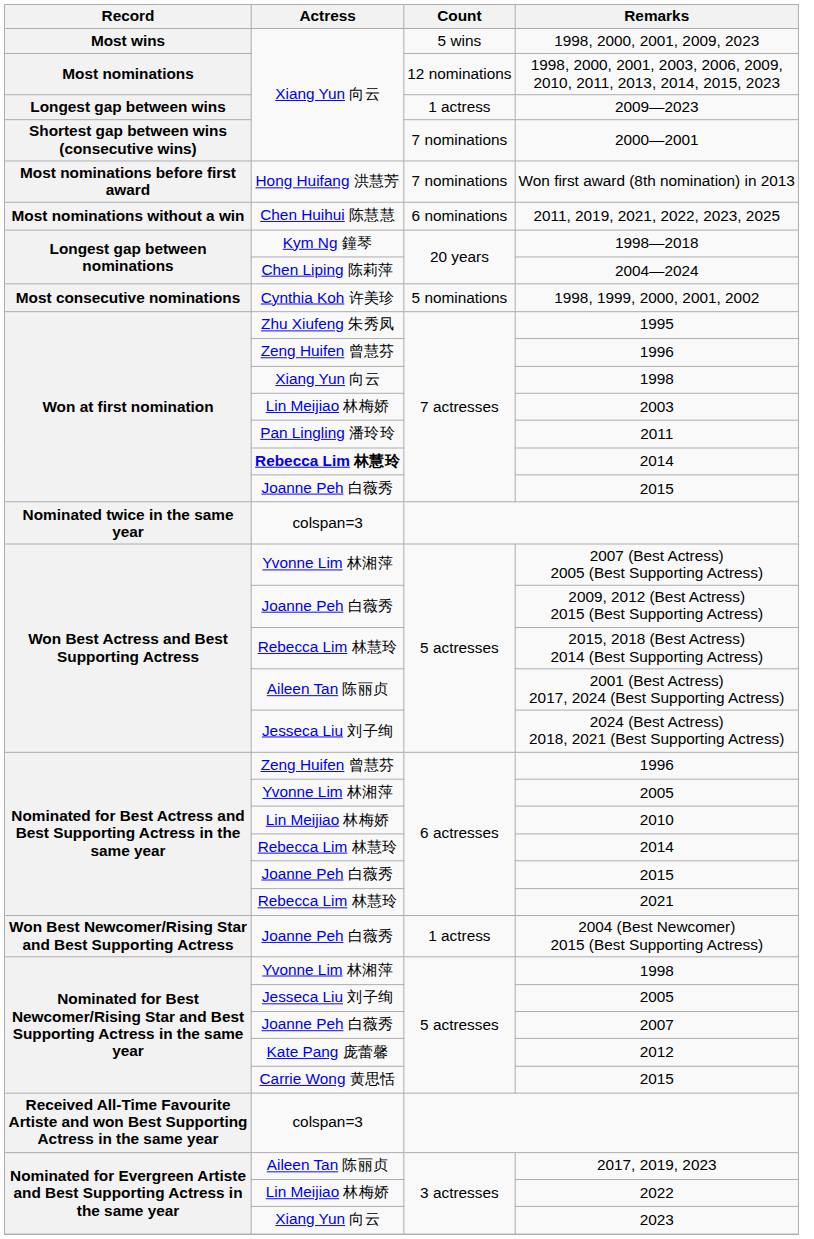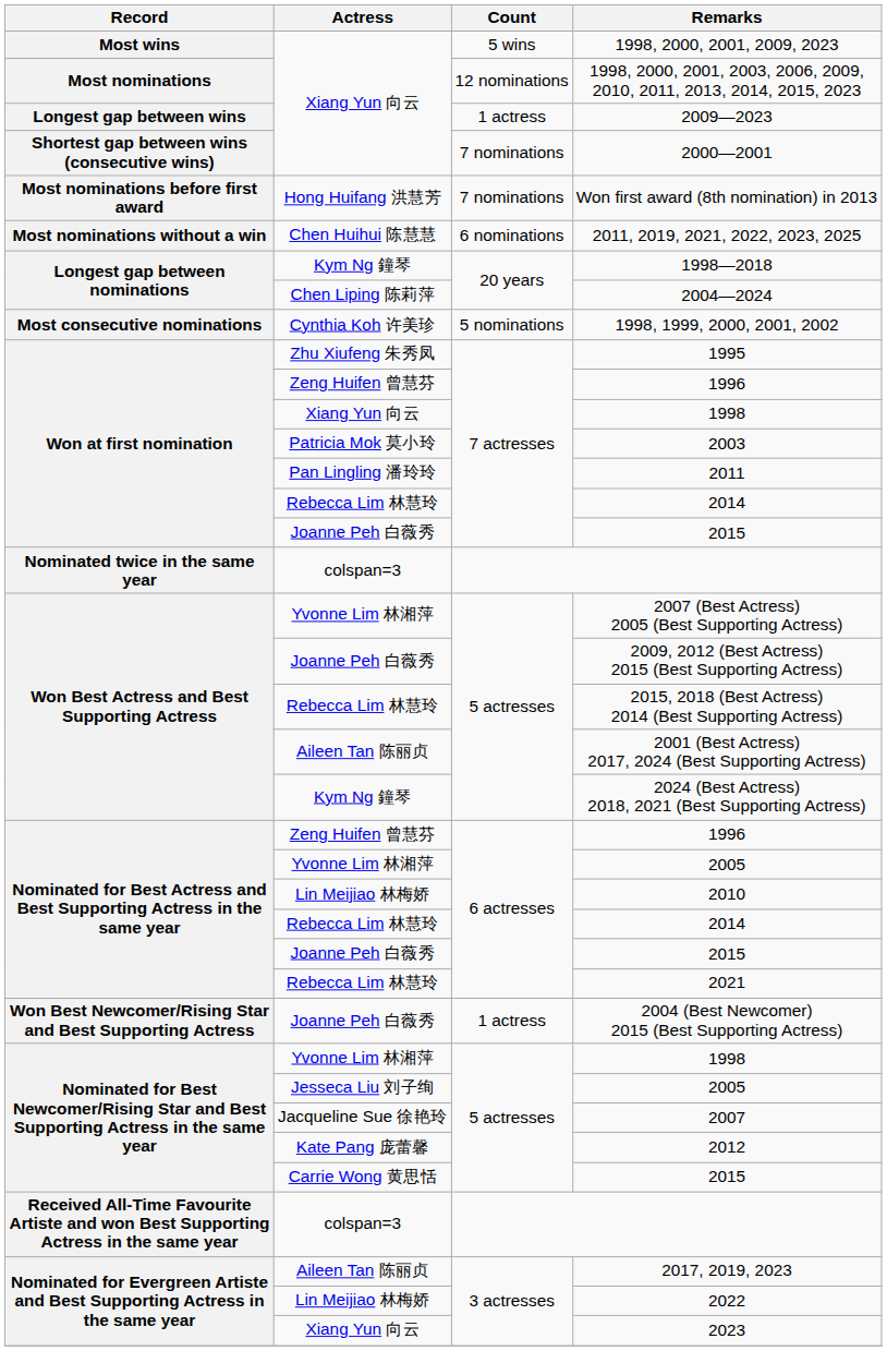 <table class="wikitable" style="text-align: center;">
 <tr>
 <th width=250 scope="col">Record</th>
 <th scope="col">Actress</th>
 <th scope="col">Count</th>
 <th scope="col">Remarks</th>
 </tr>
 <tr>
 <th>Most wins</th>
 <td rowspan=4><a href='#'>Xiang Yun</a> 向云</td>
 <td>5 wins</td>
 <td>1998, 2000, 2001, 2009, 2023</td>
 </tr>
 <tr>
 <th>Most nominations</th>
 <td>12 nominations</td>
 <td>1998, 2000, 2001, 2003, 2006, 2009,<br>2010, 2011, 2013, 2014, 2015, 2023</td>
 </tr>
 <tr>
 <th>Longest gap between wins</th>
 <td>1 actress</td>
 <td>2009—2023</td>
 </tr>
 <tr>
 <th>Shortest gap between wins<br>(consecutive wins)</th>
 <td>7 nominations</td>
 <td>2000—2001</td>
 </tr>
 <tr>
 <th>Most nominations before first award</th>
 <td><a href='#'>Hong Huifang</a> 洪慧芳</td>
 <td>7 nominations</td>
 <td>Won first award (8th nomination) in 2013</td>
 </tr>
 <tr>
 <th>Most nominations without a win</th>
 <td><a href='#'>Chen Huihui</a> 陈慧慧</td>
 <td>6 nominations</td>
 <td>2011, 2019, 2021, 2022, 2023, 2025</td>
 </tr>
 <tr>
 <th rowspan=2>Longest gap between nominations</th>
 <td><a href='#'>Kym Ng</a> 鐘琴</td>
 <td rowspan=2>20 years</td>
 <td>1998—2018</td>
 </tr>
 <tr>
 <td><a href='#'>Chen Liping</a> 陈莉萍</td>
 <td>2004—2024</td>
 </tr>
 <tr>
 <th>Most consecutive nominations</th>
 <td><a href='#'>Cynthia Koh</a> 许美珍</td>
 <td>5 nominations</td>
 <td>1998, 1999, 2000, 2001, 2002</td>
 </tr>
 <tr>
 <th rowspan=7>Won at first nomination</th>
 <td><a href='#'>Zhu Xiufeng</a> 朱秀凤</td>
 <td rowspan=7>7 actresses</td>
 <td>1995</td>
 </tr>
 <tr>
 <td><a href='#'>Zeng Huifen</a> 曾慧芬</td>
 <td>1996</td>
 </tr>
 <tr>
 <td><a href='#'>Xiang Yun</a> 向云</td>
 <td>1998</td>
 </tr>
 <tr>
-<td><a href='#'>Lin Meijiao</a> 林梅娇</td>
+<td><a href='#'>Patricia Mok</a> 莫小玲</td>
 <td>2003</td>
 </tr>
 <tr>
 <td><a href='#'>Pan Lingling</a> 潘玲玲</td>
 <td>2011</td>
 </tr>
 <tr>
-<td><strong><a href='#'>Rebecca Lim</a> 林慧玲</strong></td>
+<td><a href='#'>Rebecca Lim</a> 林慧玲</td>
 <td>2014</td>
 </tr>
 <tr>
 <td><a href='#'>Joanne Peh</a> 白薇秀</td>
 <td>2015</td>
 </tr>
 <tr>
 <th>Nominated twice in the same year</th>
 <td>colspan=3 </td>
 </tr>
 <tr>
 <th rowspan=5>Won Best Actress and Best Supporting Actress</th>
 <td><a href='#'>Yvonne Lim</a> 林湘萍</td>
 <td rowspan=5>5 actresses</td>
 <td>2007 (Best Actress)<br>2005 (Best Supporting Actress)</td>
 </tr>
 <tr>
 <td><a href='#'>Joanne Peh</a> 白薇秀</td>
 <td>2009, 2012 (Best Actress)<br>2015 (Best Supporting Actress)</td>
 </tr>
 <tr>
 <td><a href='#'>Rebecca Lim</a> 林慧玲</td>
 <td>2015, 2018 (Best Actress)<br>2014 (Best Supporting Actress)</td>
 </tr>
 <tr>
 <td><a href='#'>Aileen Tan</a> 陈丽贞</td>
 <td>2001 (Best Actress)<br>2017, 2024 (Best Supporting Actress)</td>
 </tr>
 <tr>
-<td><a href='#'>Jesseca Liu</a> 刘子绚</td>
+<td><a href='#'>Kym Ng</a> 鐘琴</td>
 <td>2024 (Best Actress)<br>2018, 2021 (Best Supporting Actress)</td>
 </tr>
 <tr>
 <th rowspan=6>Nominated for Best Actress and Best Supporting Actress in the same year</th>
 <td><a href='#'>Zeng Huifen</a> 曾慧芬</td>
 <td rowspan=6>6 actresses</td>
 <td>1996</td>
 </tr>
 <tr>
 <td><a href='#'>Yvonne Lim</a> 林湘萍</td>
 <td>2005</td>
 </tr>
 <tr>
 <td><a href='#'>Lin Meijiao</a> 林梅娇</td>
 <td>2010</td>
 </tr>
 <tr>
 <td><a href='#'>Rebecca Lim</a> 林慧玲</td>
 <td>2014</td>
 </tr>
 <tr>
 <td><a href='#'>Joanne Peh</a> 白薇秀</td>
 <td>2015</td>
 </tr>
 <tr>
 <td><a href='#'>Rebecca Lim</a> 林慧玲</td>
 <td>2021</td>
 </tr>
 <tr>
 <th>Won Best Newcomer/Rising Star and Best Supporting Actress</th>
 <td><a href='#'>Joanne Peh</a> 白薇秀</td>
 <td>1 actress</td>
 <td>2004 (Best Newcomer)<br>2015 (Best Supporting Actress)</td>
 </tr>
 <tr>
 <th rowspan=5>Nominated for Best Newcomer/Rising Star and Best Supporting Actress in the same year</th>
 <td><a href='#'>Yvonne Lim</a> 林湘萍</td>
 <td rowspan=5>5 actresses</td>
 <td>1998</td>
 </tr>
 <tr>
 <td><a href='#'>Jesseca Liu</a> 刘子绚</td>
 <td>2005</td>
 </tr>
 <tr>
-<td><a href='#'>Joanne Peh</a> 白薇秀</td>
+<td>Jacqueline Sue 徐艳玲</td>
 <td>2007</td>
 </tr>
 <tr>
 <td><a href='#'>Kate Pang</a> 庞蕾馨</td>
 <td>2012</td>
 </tr>
 <tr>
 <td><a href='#'>Carrie Wong</a> 黄思恬</td>
 <td>2015</td>
 </tr>
 <tr>
 <th>Received All-Time Favourite Artiste and won Best Supporting Actress in the same year</th>
 <td>colspan=3 </td>
 </tr>
 <tr>
 <th rowspan=3>Nominated for Evergreen Artiste and Best Supporting Actress in the same year</th>
 <td><a href='#'>Aileen Tan</a> 陈丽贞</td>
 <td rowspan=3>3 actresses</td>
 <td>2017, 2019, 2023</td>
 </tr>
 <tr>
 <td><a href='#'>Lin Meijiao</a> 林梅娇</td>
 <td>2022</td>
 </tr>
 <tr>
 <td><a href='#'>Xiang Yun</a> 向云</td>
 <td>2023</td>
 </tr>
 <tr>
 </tr>
 </table>
